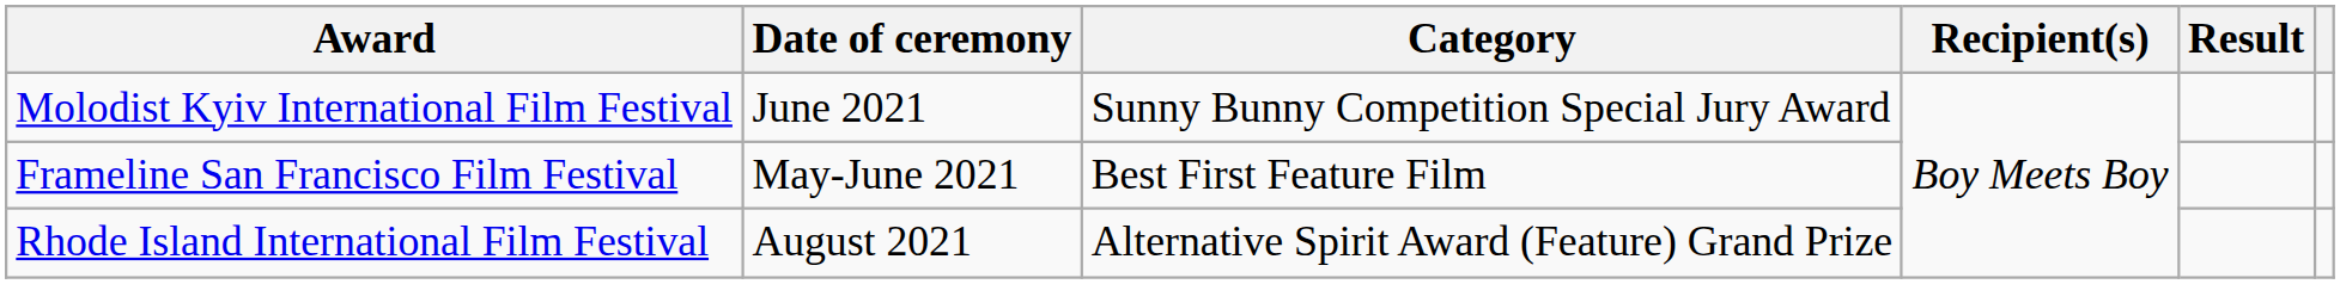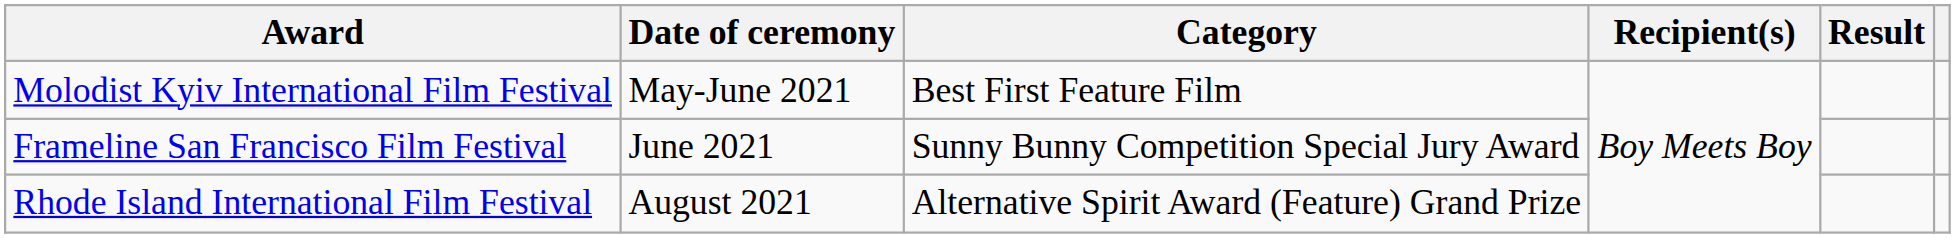 <table class="wikitable plainrowheaders sortable">
 <tr>
 <th scope="col">Award</th>
 <th scope="col">Date of ceremony</th>
 <th scope="col">Category</th>
 <th scope="col">Recipient(s)</th>
 <th scope="col">Result</th>
 <th scope="col" class="unsortable"></th>
 </tr>
 <tr>
 <td><a href='#'>Molodist Kyiv International Film Festival</a></td>
-<td>June 2021</td>
-<td>Sunny Bunny Competition  Special Jury Award</td>
+<td>May-June 2021</td>
+<td>Best First Feature Film</td>
 <td rowspan="3"><em>Boy Meets Boy</em></td>
 <td></td>
 <td></td>
 </tr>
 <tr>
 <td><a href='#'> Frameline San Francisco Film Festival</a></td>
-<td>May-June 2021</td>
-<td>Best First Feature Film</td>
+<td>June 2021</td>
+<td>Sunny Bunny Competition  Special Jury Award</td>
 <td></td>
 <td></td>
 </tr>
 <tr>
 <td><a href='#'>Rhode Island International Film Festival</a></td>
 <td>August 2021</td>
 <td>Alternative Spirit Award (Feature)  Grand Prize</td>
 <td></td>
 <td></td>
 </tr>
 </table>
